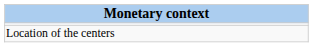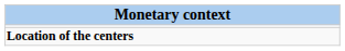 <table width=350px style= "float:right; clear: right; border: 1px #cccccc solid; border-collapse: collapse; background: #f9f9f9; margin-left:10px; ">
 <tr>
 <td style= "background: #ABCDEF; text-align:center; font-weight: bold; border: 1px #cccccc solid; ">Monetary context</td>
 </tr>
 <tr>
 <td></td>
 </tr>
 <tr>
-<td style= "font-size: 85%; border: 1px #cccccc solid; ">Location of the centers</td>
+<td style= "font-size: 85%; border: 1px #cccccc solid; "><strong>Location of the centers</strong></td>
 </tr>
 </table>
